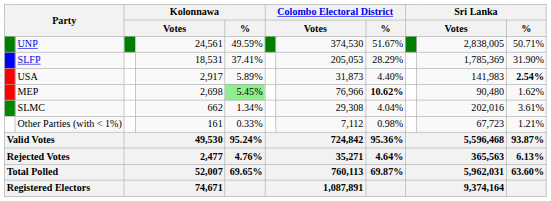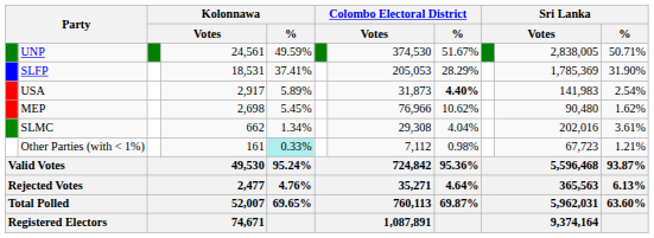 <table class="wikitable">
 <tr>
 <th colspan="2" width="144px"rowspan="2">Party</th>
 <th colspan="3" width="216px">Kolonnawa</th>
 <th colspan="3" width="216px"><a href='#'>Colombo Electoral District</a></th>
 <th colspan="3" width="216px">Sri Lanka</th>
 </tr>
 <tr>
 <th colspan="2" width="144px">Votes</th>
 <th>%</th>
 <th colspan="2" width="144px">Votes</th>
 <th>%</th>
 <th colspan="2" width="144px">Votes</th>
 <th>%</th>
 </tr>
 <tr>
 <td style="background-color:green;" width="10px"></td>
 <td style="text-align:left;"><a href='#'>UNP</a></td>
 <td style="background-color:green;" width="10px"></td>
 <td style="text-align:right;">24,561</td>
 <td style="text-align:right;">49.59%</td>
 <td style="background-color:green;" width="10px"></td>
 <td style="text-align:right;">374,530</td>
 <td style="text-align:right;">51.67%</td>
 <td style="background-color:green;" width="10px"></td>
 <td style="text-align:right;">2,838,005</td>
 <td style="text-align:right;">50.71%</td>
 </tr>
 <tr>
 <td style="background-color:blue;" width="10px"></td>
 <td style="text-align:left;"><a href='#'>SLFP</a></td>
 <td style="background-color:white;" width="10px"></td>
 <td style="text-align:right;">18,531</td>
 <td style="text-align:right;">37.41%</td>
 <td style="background-color:white;" width="10px"></td>
 <td style="text-align:right;">205,053</td>
 <td style="text-align:right;">28.29%</td>
 <td style="background-color:white;" width="10px"></td>
 <td style="text-align:right;">1,785,369</td>
 <td style="text-align:right;">31.90%</td>
 </tr>
 <tr>
 <td style="background-color:red;" width="10px"></td>
 <td style="text-align:left;">USA</td>
 <td style="background-color:white;" width="10px"></td>
 <td style="text-align:right;">2,917</td>
 <td style="text-align:right;">5.89%</td>
 <td style="background-color:white;" width="10px"></td>
 <td style="text-align:right;">31,873</td>
-<td style="text-align:right;">4.40%</td>
+<td style="text-align:right;"><strong>4.40%</strong></td>
 <td style="background-color:white;" width="10px"></td>
 <td style="text-align:right;">141,983</td>
-<td style="text-align:right;"><strong>2.54%</strong></td>
+<td style="text-align:right;">2.54%</td>
 </tr>
 <tr>
 <td style="background-color:red;" width="10px"></td>
 <td style="text-align:left;">MEP</td>
 <td style="background-color:white;" width="10px"></td>
 <td style="text-align:right;">2,698</td>
-<td style="background: lightgreen; text-align:right;">5.45%</td>
+<td style="text-align:right;">5.45%</td>
 <td style="background-color:white;" width="10px"></td>
 <td style="text-align:right;">76,966</td>
-<td style="text-align:right;"><strong>10.62%</strong></td>
+<td style="text-align:right;">10.62%</td>
 <td style="background-color:white;" width="10px"></td>
 <td style="text-align:right;">90,480</td>
 <td style="text-align:right;">1.62%</td>
 </tr>
 <tr>
 <td style="background-color:#008800;" width="10px"></td>
 <td style="text-align:left;">SLMC</td>
 <td style="background-color:white;" width="10px"></td>
 <td style="text-align:right;">662</td>
 <td style="text-align:right;">1.34%</td>
 <td style="background-color:white;" width="10px"></td>
 <td style="text-align:right;">29,308</td>
 <td style="text-align:right;">4.04%</td>
 <td style="background-color:white;" width="10px"></td>
 <td style="text-align:right;">202,016</td>
 <td style="text-align:right;">3.61%</td>
 </tr>
 <tr>
 <td style="background-color:white;" width="10px"></td>
 <td style="text-align:left;">Other Parties (with < 1%)</td>
 <td style="background-color:white;" width="10px"></td>
 <td style="text-align:right;">161</td>
-<td style="text-align:right;">0.33%</td>
+<td style="background: paleturquoise; text-align:right;">0.33%</td>
 <td style="background-color:white;" width="10px"></td>
 <td style="text-align:right;">7,112</td>
 <td style="text-align:right;">0.98%</td>
 <td style="background-color:white;" width="10px"></td>
 <td style="text-align:right;">67,723</td>
 <td style="text-align:right;">1.21%</td>
 </tr>
 <tr>
 <th colspan="2" width="144px"style="text-align:left;">Valid Votes</th>
 <th style="text-align:right;"colspan="2" width="144px">49,530</th>
 <th style="text-align:right;">95.24%</th>
 <th style="text-align:right;"colspan="2" width="144px">724,842</th>
 <th style="text-align:right;">95.36%</th>
 <th style="text-align:right;"colspan="2" width="144px">5,596,468</th>
 <th style="text-align:right;">93.87%</th>
 </tr>
 <tr>
 <th colspan="2" width="144px"style="text-align:left;">Rejected Votes</th>
 <th style="text-align:right;"colspan="2" width="144px">2,477</th>
 <th style="text-align:right;">4.76%</th>
 <th style="text-align:right;"colspan="2" width="144px">35,271</th>
 <th style="text-align:right;">4.64%</th>
 <th style="text-align:right;"colspan="2" width="144px">365,563</th>
 <th style="text-align:right;">6.13%</th>
 </tr>
 <tr>
 <th colspan="2" width="144px"style="text-align:left;">Total Polled</th>
 <th style="text-align:right;"colspan="2" width="144px">52,007</th>
 <th style="text-align:right;">69.65%</th>
 <th style="text-align:right;"colspan="2" width="144px">760,113</th>
 <th style="text-align:right;">69.87%</th>
 <th style="text-align:right;"colspan="2" width="144px">5,962,031</th>
 <th style="text-align:right;">63.60%</th>
 </tr>
 <tr>
 <th colspan="2" width="144px"style="text-align:left;">Registered Electors</th>
 <th style="text-align:right;"colspan="2" width="144px">74,671</th>
 <th></th>
 <th style="text-align:right;"colspan="2" width="144px">1,087,891</th>
 <th></th>
 <th style="text-align:right;"colspan="2" width="144px">9,374,164</th>
 <th></th>
 </tr>
 </table>
